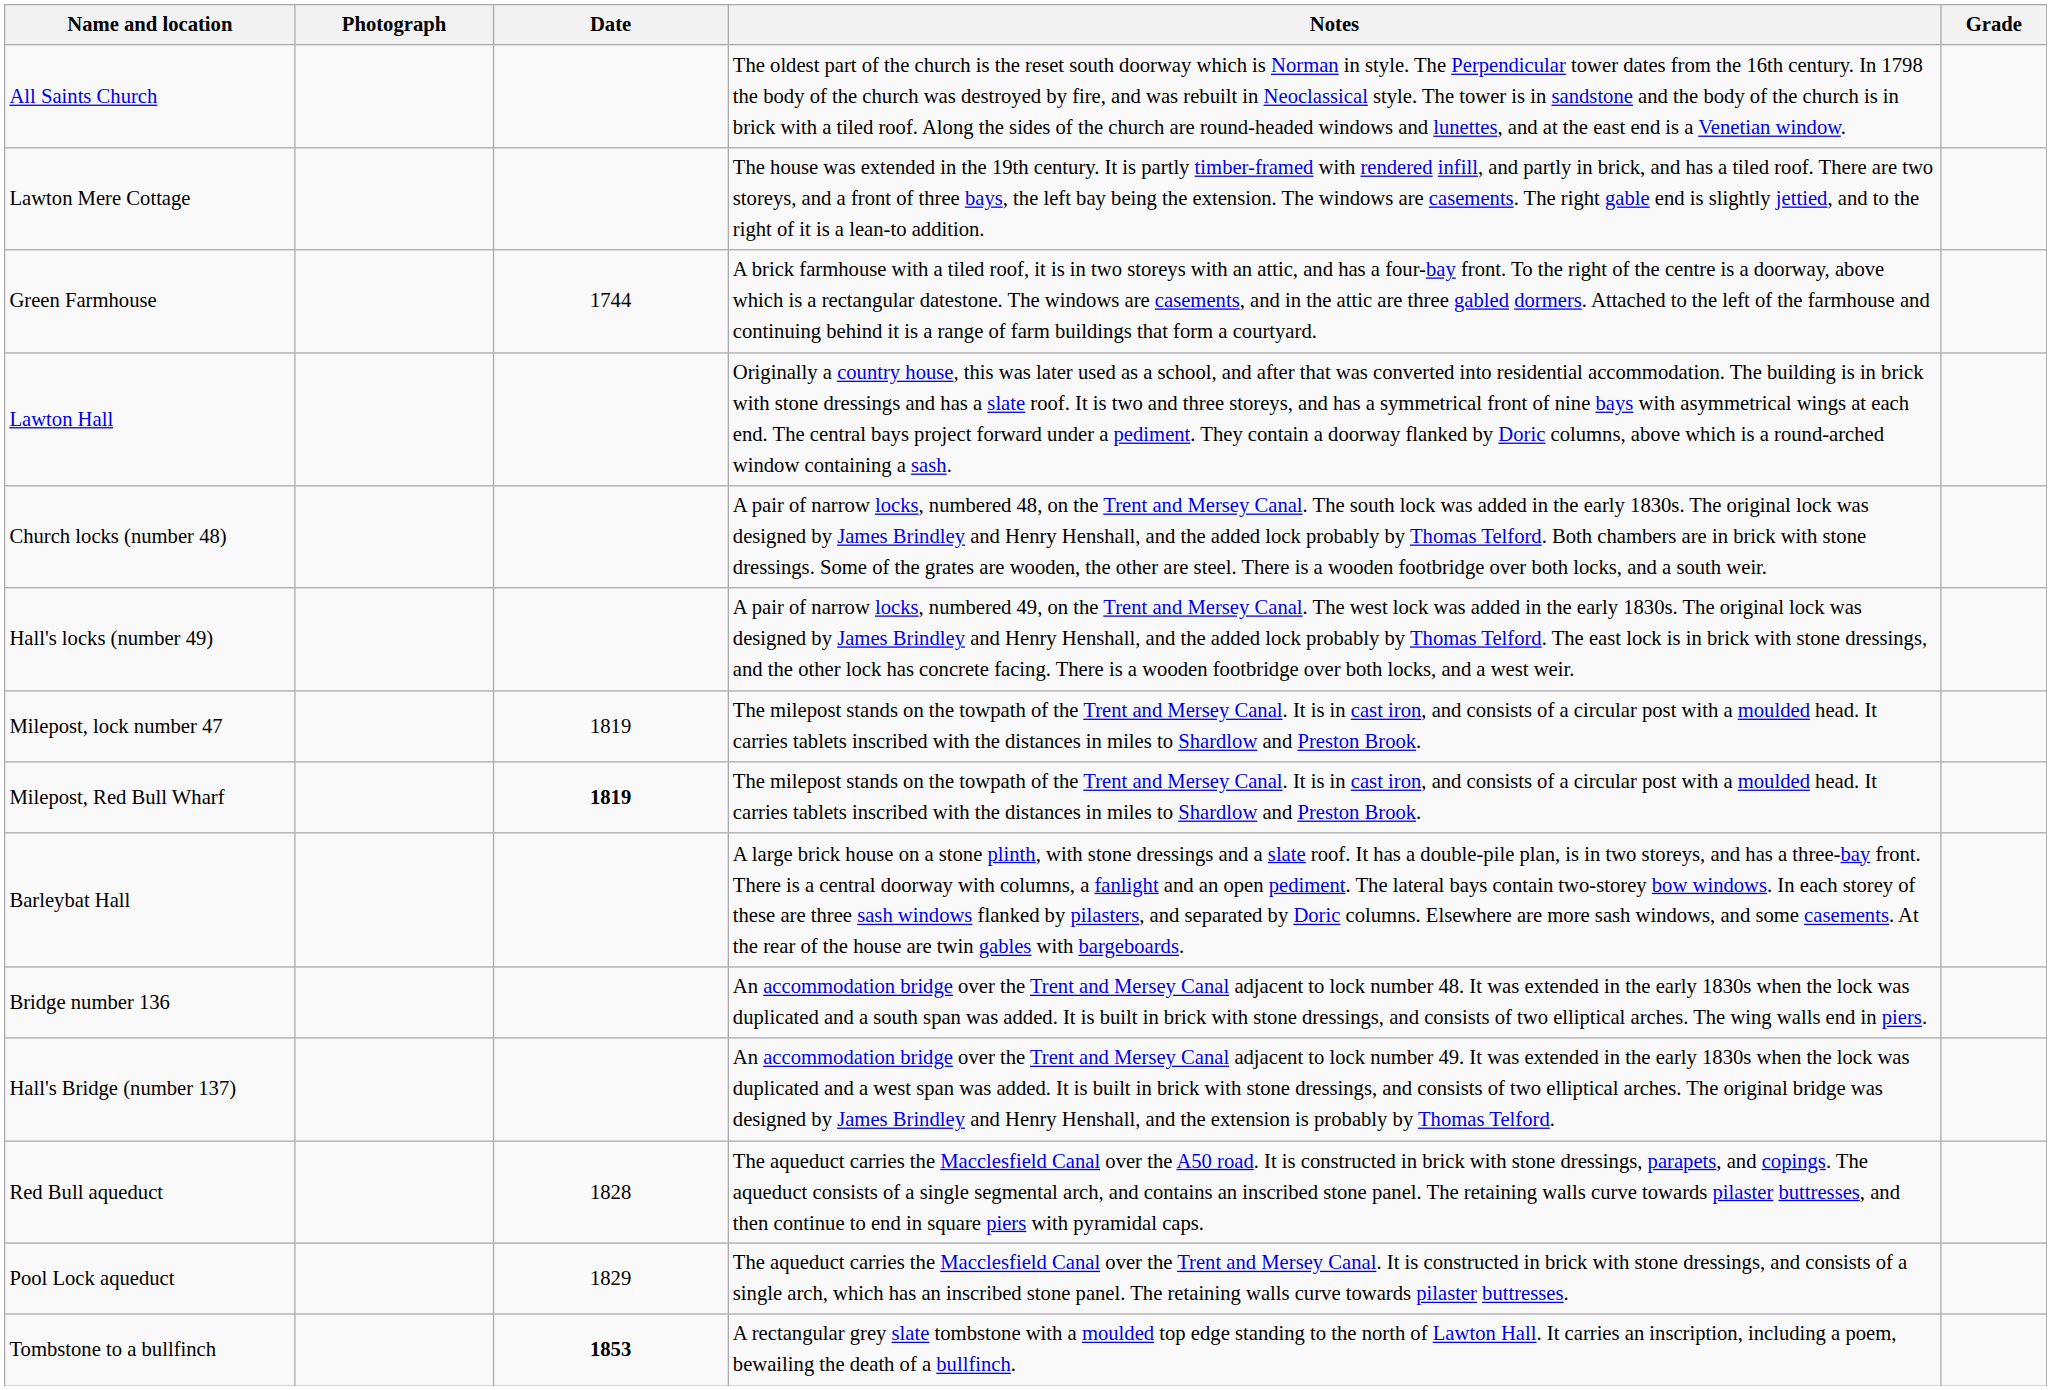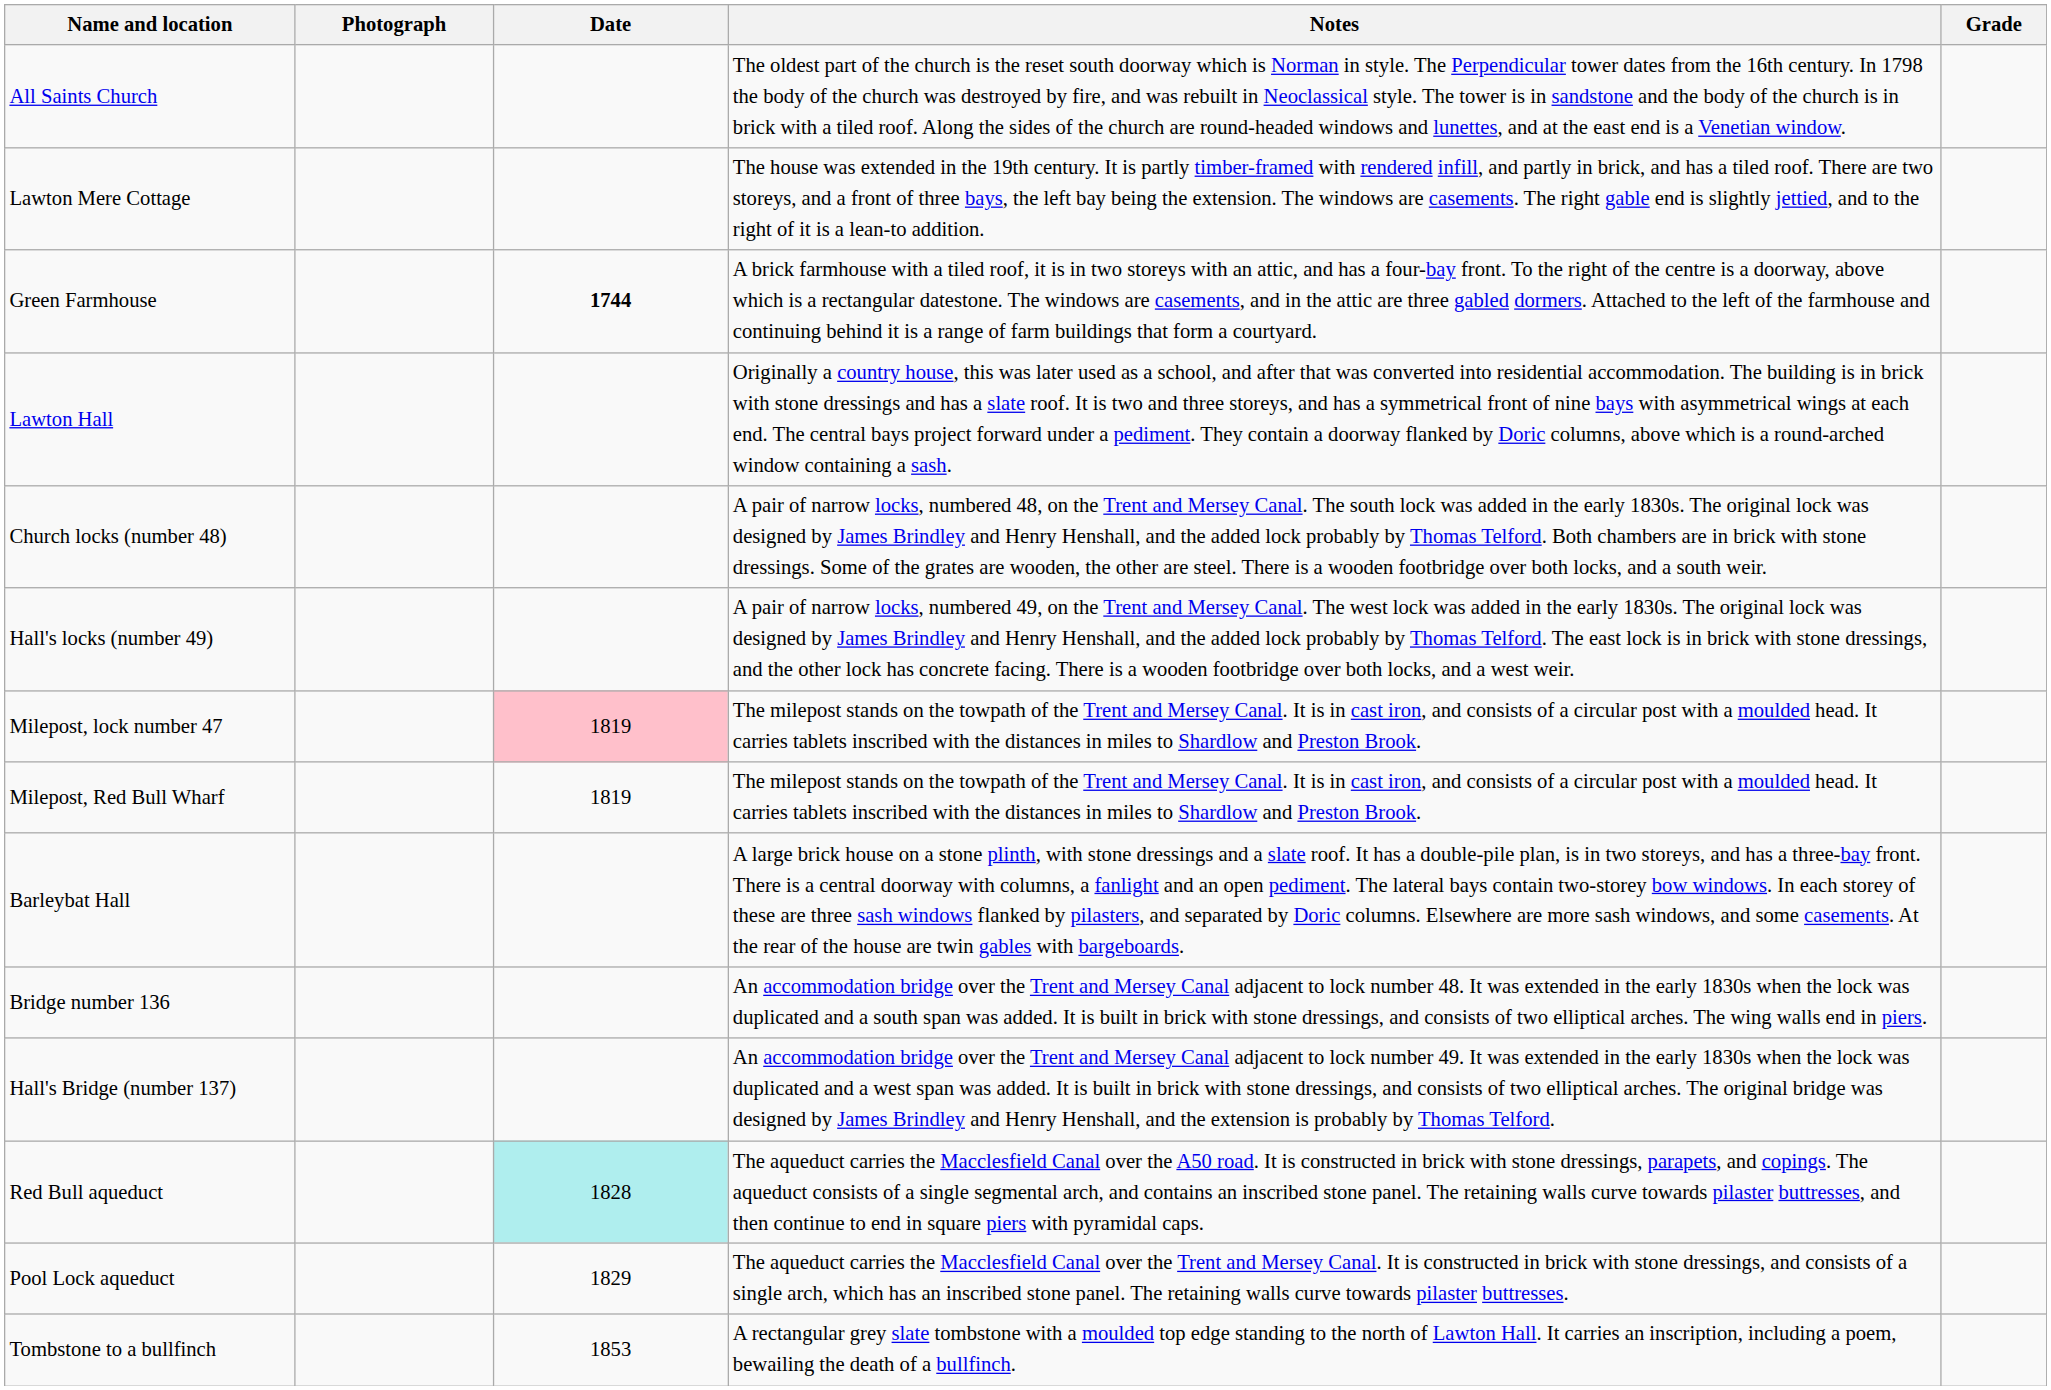 <table class="wikitable sortable plainrowheaders" style="width:100%;border:0px;text-align:left;line-height:150%;">
 <tr>
 <th scope="col"  style="width:150px">Name and location</th>
 <th scope="col"  style="width:100px" class="unsortable">Photograph</th>
 <th scope="col"  style="width:120px">Date</th>
 <th scope="col"  style="width:650px" class="unsortable">Notes</th>
 <th scope="col"  style="width:50px">Grade</th>
 </tr>
 <tr>
 <td><a href='#'>All Saints Church</a><br><small></small></td>
 <td></td>
 <td align="center"></td>
 <td>The oldest part of the church is the reset south doorway which is <a href='#'>Norman</a> in style.  The <a href='#'>Perpendicular</a> tower dates from the 16th century.  In 1798 the body of the church was destroyed by fire, and was rebuilt in <a href='#'>Neoclassical</a> style.  The tower is in <a href='#'>sandstone</a> and the body of the church is in brick with a tiled roof.  Along the sides of the church are round-headed windows and <a href='#'>lunettes</a>, and at the east end is a <a href='#'>Venetian window</a>.</td>
 <td align="center" ></td>
 </tr>
 <tr>
 <td>Lawton Mere Cottage<br><small></small></td>
 <td></td>
 <td align="center"></td>
 <td>The house was extended in the 19th century.  It is partly <a href='#'>timber-framed</a> with <a href='#'>rendered</a> <a href='#'>infill</a>, and partly in brick, and has a tiled roof.  There are two storeys, and a front of three <a href='#'>bays</a>, the left bay being the extension.  The windows are <a href='#'>casements</a>.  The right <a href='#'>gable</a> end is slightly <a href='#'>jettied</a>, and to the right of it is a lean-to addition.</td>
 <td align="center" ></td>
 </tr>
 <tr>
 <td>Green Farmhouse<br><small></small></td>
 <td></td>
-<td align="center">1744</td>
+<td align="center"><strong>1744</strong></td>
 <td>A brick farmhouse with a tiled roof, it is in two storeys with an attic, and has a four-<a href='#'>bay</a> front.  To the right of the centre is a doorway, above which is a rectangular datestone.  The windows are <a href='#'>casements</a>, and in the attic are three <a href='#'>gabled</a> <a href='#'>dormers</a>.  Attached to the left of the farmhouse and continuing behind it is a range of farm buildings that form a courtyard.</td>
 <td align="center" ></td>
 </tr>
 <tr>
 <td><a href='#'>Lawton Hall</a><br><small></small></td>
 <td></td>
 <td align="center"></td>
 <td>Originally a <a href='#'>country house</a>, this was later used as a school, and after that was converted into residential accommodation.  The building is in brick with stone dressings and has a <a href='#'>slate</a> roof.  It is two and three storeys, and has a symmetrical front of nine <a href='#'>bays</a> with asymmetrical wings at each end.  The central bays project forward under a <a href='#'>pediment</a>.  They contain a doorway flanked by <a href='#'>Doric</a> columns, above which is a round-arched window containing a <a href='#'>sash</a>.</td>
 <td align="center" ></td>
 </tr>
 <tr>
 <td>Church locks (number 48)<br><small></small></td>
 <td></td>
 <td align="center"></td>
 <td>A pair of narrow <a href='#'>locks</a>, numbered 48, on the <a href='#'>Trent and Mersey Canal</a>.  The south lock was added in the early 1830s.  The original lock was designed by <a href='#'>James Brindley</a> and Henry Henshall, and the added lock probably by <a href='#'>Thomas Telford</a>.  Both chambers are in brick with stone dressings.  Some of the grates are wooden, the other are steel.  There is a wooden footbridge over both locks, and a south weir.</td>
 <td align="center" ></td>
 </tr>
 <tr>
 <td>Hall's locks (number 49)<br><small></small></td>
 <td></td>
 <td align="center"></td>
 <td>A pair of narrow <a href='#'>locks</a>, numbered 49, on the <a href='#'>Trent and Mersey Canal</a>.  The west lock was added in the early 1830s.  The original lock was designed by <a href='#'>James Brindley</a> and Henry Henshall, and the added lock probably by <a href='#'>Thomas Telford</a>.  The east lock is in brick with stone dressings, and the other lock has concrete facing.  There is a wooden footbridge over both locks, and a west weir.</td>
 <td align="center" ></td>
 </tr>
 <tr>
 <td>Milepost, lock number 47<br><small></small></td>
 <td></td>
-<td align="center">1819</td>
+<td align="center" style="background: pink;">1819</td>
 <td>The milepost stands on the towpath of the <a href='#'>Trent and Mersey Canal</a>.  It is in <a href='#'>cast iron</a>, and consists of a circular post with a <a href='#'>moulded</a> head.  It carries tablets inscribed with the distances in miles to <a href='#'>Shardlow</a> and <a href='#'>Preston Brook</a>.</td>
 <td align="center" ></td>
 </tr>
 <tr>
 <td>Milepost, Red Bull Wharf<br><small></small></td>
 <td></td>
-<td align="center"><strong>1819</strong></td>
+<td align="center">1819</td>
 <td>The milepost stands on the towpath of the <a href='#'>Trent and Mersey Canal</a>.  It is in <a href='#'>cast iron</a>, and consists of a circular post with a <a href='#'>moulded</a> head.  It carries tablets inscribed with the distances in miles to <a href='#'>Shardlow</a> and <a href='#'>Preston Brook</a>.</td>
 <td align="center" ></td>
 </tr>
 <tr>
 <td>Barleybat Hall<br><small></small></td>
 <td></td>
 <td align="center"></td>
 <td>A large brick house on a stone <a href='#'>plinth</a>, with stone dressings and a <a href='#'>slate</a> roof.  It has a double-pile plan, is in two storeys, and has a three-<a href='#'>bay</a> front.  There is a central doorway with columns, a <a href='#'>fanlight</a> and an open <a href='#'>pediment</a>.  The lateral bays contain two-storey <a href='#'>bow windows</a>.  In each storey of these are three <a href='#'>sash windows</a> flanked by <a href='#'>pilasters</a>, and separated by <a href='#'>Doric</a> columns.  Elsewhere are more sash windows, and some <a href='#'>casements</a>.  At the rear of the house are twin <a href='#'>gables</a> with <a href='#'>bargeboards</a>.</td>
 <td align="center" ></td>
 </tr>
 <tr>
 <td>Bridge number 136<br><small></small></td>
 <td></td>
 <td align="center"></td>
 <td>An <a href='#'>accommodation bridge</a> over the <a href='#'>Trent and Mersey Canal</a> adjacent to lock number 48.  It was extended in the early 1830s when the lock was duplicated and a south span was added.  It is built in brick with stone dressings, and consists of two elliptical arches.  The wing walls end in <a href='#'>piers</a>.</td>
 <td align="center" ></td>
 </tr>
 <tr>
 <td>Hall's Bridge (number 137)<br><small></small></td>
 <td></td>
 <td align="center"></td>
 <td>An <a href='#'>accommodation bridge</a> over the <a href='#'>Trent and Mersey Canal</a> adjacent to lock number 49.  It was extended in the early 1830s when the lock was duplicated and a west span was added.  It is built in brick with stone dressings, and consists of two elliptical arches.  The original bridge was designed by <a href='#'>James Brindley</a> and Henry Henshall, and the extension is probably by <a href='#'>Thomas Telford</a>.</td>
 <td align="center" ></td>
 </tr>
 <tr>
 <td>Red Bull aqueduct<br><small></small></td>
 <td></td>
-<td align="center">1828</td>
+<td align="center" style="background: paleturquoise;">1828</td>
 <td>The aqueduct carries the <a href='#'>Macclesfield Canal</a> over the <a href='#'>A50 road</a>.  It is constructed in brick with stone dressings, <a href='#'>parapets</a>, and <a href='#'>copings</a>.  The aqueduct consists of a single segmental arch, and contains an inscribed stone panel.  The retaining walls curve towards <a href='#'>pilaster</a> <a href='#'>buttresses</a>, and then continue to end in square <a href='#'>piers</a> with pyramidal caps.</td>
 <td align="center" ></td>
 </tr>
 <tr>
 <td>Pool Lock aqueduct<br><small></small></td>
 <td></td>
 <td align="center">1829</td>
 <td>The aqueduct carries the <a href='#'>Macclesfield Canal</a> over the <a href='#'>Trent and Mersey Canal</a>.  It is constructed in brick with stone dressings, and consists of a single arch, which has an inscribed stone panel. The retaining walls curve towards <a href='#'>pilaster</a> <a href='#'>buttresses</a>.</td>
 <td align="center" ></td>
 </tr>
 <tr>
 <td>Tombstone to a bullfinch<br><small></small></td>
 <td></td>
-<td align="center"><strong>1853</strong></td>
+<td align="center">1853</td>
 <td>A rectangular grey <a href='#'>slate</a> tombstone with a <a href='#'>moulded</a> top edge standing to the north of <a href='#'>Lawton Hall</a>.  It carries an inscription, including a poem, bewailing the death of a <a href='#'>bullfinch</a>.</td>
 <td align="center" ></td>
 </tr>
 <tr>
 </tr>
 </table>
